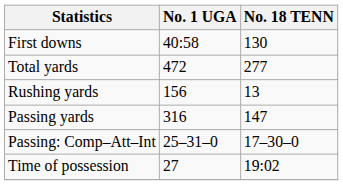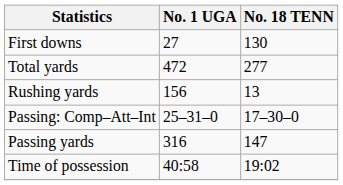 <table class="wikitable" style="float: left;">
 <tr>
 <th>Statistics</th>
 <th>No. 1 UGA</th>
 <th>No. 18 TENN</th>
 </tr>
 <tr>
 <td>First downs</td>
-<td>40:58</td>
+<td>27</td>
 <td>130</td>
 </tr>
 <tr>
 <td>Total yards</td>
 <td>472</td>
 <td>277</td>
 </tr>
 <tr>
 <td>Rushing yards</td>
 <td>156</td>
 <td>13</td>
 </tr>
 <tr>
+<td>Passing: Comp–Att–Int</td>
+<td>25–31–0</td>
+<td>17–30–0</td>
+</tr>
+<tr>
 <td>Passing yards</td>
 <td>316</td>
 <td>147</td>
 </tr>
 <tr>
-<td>Passing: Comp–Att–Int</td>
-<td>25–31–0</td>
-<td>17–30–0</td>
-</tr>
-<tr>
 <td>Time of possession</td>
-<td>27</td>
+<td>40:58</td>
 <td>19:02</td>
 </tr>
 <tr>
 </tr>
 </table>
